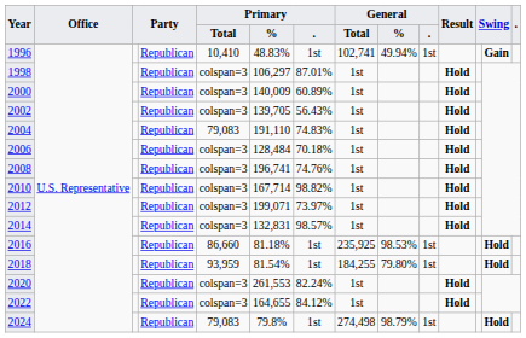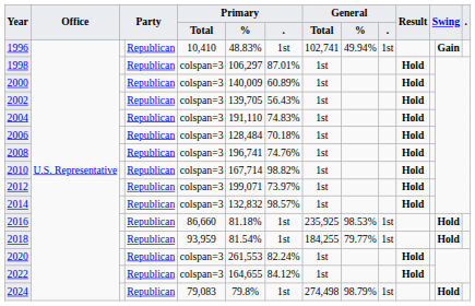 <table class="wikitable" style="font-size:90%; text-align:center;">
 <tr>
 <th style="background-color:#EAECF0;" rowspan=2>Year</th>
 <th style="background-color:#EAECF0;" rowspan=2>Office</th>
 <th style="background-color:#EAECF0;" colspan=2 rowspan=2>Party</th>
 <th style="background-color:#EAECF0;" colspan=3>Primary</th>
 <th style="background-color:#EAECF0;" colspan=3>General</th>
 <th style="background-color:#EAECF0;" rowspan=2>Result</th>
 <th style="background-color:#EAECF0;" colspan=2 rowspan=2><a href='#'>Swing</a></th>
 <th style="background-color:#EAECF0;" rowspan=2>.</th>
 </tr>
 <tr>
 <th style="background-color:#EAECF0;">Total</th>
 <th style="background-color:#EAECF0;">%</th>
 <th style="background-color:#EAECF0;">.</th>
 <th style="background-color:#EAECF0;">Total</th>
 <th style="background-color:#EAECF0;">%</th>
 <th style="background-color:#EAECF0;">.</th>
 </tr>
 <tr>
 <td style="background-color:#EAECF0;"><a href='#'>1996</a></td>
 <td rowspan="15"><a href='#'>U.S. Representative</a></td>
 <td style="background-color:"></td>
 <td><a href='#'>Republican</a></td>
 <td>10,410</td>
 <td>48.83%</td>
 <td>1st</td>
 <td>102,741</td>
 <td>49.94%</td>
 <td>1st</td>
 <td></td>
 <td style="background-color:"></td>
 <td><strong>Gain</strong></td>
 <td></td>
 </tr>
 <tr>
 <td style="background-color:#EAECF0;"><a href='#'>1998</a></td>
 <td style="background-color:"></td>
 <td><a href='#'>Republican</a></td>
 <td>colspan=3 </td>
 <td>106,297</td>
 <td>87.01%</td>
 <td>1st</td>
 <td></td>
 <td style="background-color:"></td>
 <td><strong>Hold</strong></td>
 <td></td>
 </tr>
 <tr>
 <td style="background-color:#EAECF0;"><a href='#'>2000</a></td>
 <td style="background-color:"></td>
 <td><a href='#'>Republican</a></td>
 <td>colspan=3 </td>
 <td>140,009</td>
 <td>60.89%</td>
 <td>1st</td>
 <td></td>
 <td style="background-color:"></td>
 <td><strong>Hold</strong></td>
 <td></td>
 </tr>
 <tr>
 <td style="background-color:#EAECF0;"><a href='#'>2002</a></td>
 <td style="background-color:"></td>
 <td><a href='#'>Republican</a></td>
 <td>colspan=3 </td>
 <td>139,705</td>
 <td>56.43%</td>
 <td>1st</td>
 <td></td>
 <td style="background-color:"></td>
 <td><strong>Hold</strong></td>
 <td></td>
 </tr>
 <tr>
 <td style="background-color:#EAECF0;"><a href='#'>2004</a></td>
 <td style="background-color:"></td>
 <td><a href='#'>Republican</a></td>
-<td>79,083</td>
+<td>colspan=3 </td>
 <td>191,110</td>
 <td>74.83%</td>
 <td>1st</td>
 <td></td>
 <td style="background-color:"></td>
 <td><strong>Hold</strong></td>
 <td></td>
 </tr>
 <tr>
 <td style="background-color:#EAECF0;"><a href='#'>2006</a></td>
 <td style="background-color:"></td>
 <td><a href='#'>Republican</a></td>
 <td>colspan=3 </td>
 <td>128,484</td>
 <td>70.18%</td>
 <td>1st</td>
 <td></td>
 <td style="background-color:"></td>
 <td><strong>Hold</strong></td>
 <td></td>
 </tr>
 <tr>
 <td style="background-color:#EAECF0;"><a href='#'>2008</a></td>
 <td style="background-color:"></td>
 <td><a href='#'>Republican</a></td>
 <td>colspan=3 </td>
 <td>196,741</td>
 <td>74.76%</td>
 <td>1st</td>
 <td></td>
 <td style="background-color:"></td>
 <td><strong>Hold</strong></td>
 <td></td>
 </tr>
 <tr>
 <td style="background-color:#EAECF0;"><a href='#'>2010</a></td>
 <td style="background-color:"></td>
 <td><a href='#'>Republican</a></td>
 <td>colspan=3 </td>
 <td>167,714</td>
 <td>98.82%</td>
 <td>1st</td>
 <td></td>
 <td style="background-color:"></td>
 <td><strong>Hold</strong></td>
 <td></td>
 </tr>
 <tr>
 <td style="background-color:#EAECF0;"><a href='#'>2012</a></td>
 <td style="background-color:"></td>
 <td><a href='#'>Republican</a></td>
 <td>colspan=3 </td>
 <td>199,071</td>
 <td>73.97%</td>
 <td>1st</td>
 <td></td>
 <td style="background-color:"></td>
 <td><strong>Hold</strong></td>
 <td></td>
 </tr>
 <tr>
 <td style="background-color:#EAECF0;"><a href='#'>2014</a></td>
 <td style="background-color:"></td>
 <td><a href='#'>Republican</a></td>
 <td>colspan=3 </td>
-<td>132,831</td>
+<td>132,832</td>
 <td>98.57%</td>
 <td>1st</td>
 <td></td>
 <td style="background-color:"></td>
 <td><strong>Hold</strong></td>
 <td></td>
 </tr>
 <tr>
 <td style="background-color:#EAECF0;"><a href='#'>2016</a></td>
 <td style="background-color:"></td>
 <td><a href='#'>Republican</a></td>
 <td>86,660</td>
 <td>81.18%</td>
 <td>1st</td>
 <td>235,925</td>
 <td>98.53%</td>
 <td>1st</td>
 <td></td>
 <td style="background-color:"></td>
 <td><strong>Hold</strong></td>
 <td></td>
 </tr>
 <tr>
 <td style="background-color:#EAECF0;"><a href='#'>2018</a></td>
 <td style="background-color:"></td>
 <td><a href='#'>Republican</a></td>
 <td>93,959</td>
 <td>81.54%</td>
 <td>1st</td>
 <td>184,255</td>
-<td>79.80%</td>
+<td>79.77%</td>
 <td>1st</td>
 <td></td>
 <td style="background-color:"></td>
 <td><strong>Hold</strong></td>
 <td></td>
 </tr>
 <tr>
 <td style="background-color:#EAECF0;"><a href='#'>2020</a></td>
 <td style="background-color:"></td>
 <td><a href='#'>Republican</a></td>
 <td>colspan=3 </td>
 <td>261,553</td>
 <td>82.24%</td>
 <td>1st</td>
 <td></td>
 <td style="background-color:"></td>
 <td><strong>Hold</strong></td>
 <td></td>
 </tr>
 <tr>
 <td style="background-color:#EAECF0;"><a href='#'>2022</a></td>
 <td style="background-color:"></td>
 <td><a href='#'>Republican</a></td>
 <td>colspan=3 </td>
 <td>164,655</td>
 <td>84.12%</td>
 <td>1st</td>
 <td></td>
 <td style="background-color:"></td>
 <td><strong>Hold</strong></td>
 <td></td>
 </tr>
 <tr>
 <td style="background-color:#EAECF0;"><a href='#'>2024</a></td>
 <td style="background-color:"></td>
 <td><a href='#'>Republican</a></td>
 <td>79,083</td>
 <td>79.8%</td>
 <td>1st</td>
 <td>274,498</td>
 <td>98.79%</td>
 <td>1st</td>
 <td></td>
 <td style="background-color:"></td>
 <td><strong>Hold</strong></td>
 <td></td>
 </tr>
 </table>
